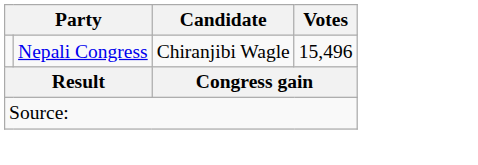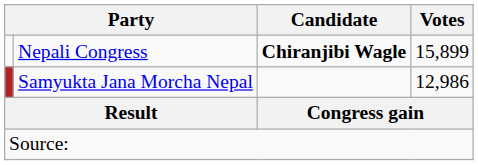 <table class="wikitable">
 <tr>
 <th colspan="2">Party</th>
 <th>Candidate</th>
 <th>Votes</th>
 </tr>
 <tr>
 <td style="background-color:"></td>
 <td><a href='#'>Nepali Congress</a></td>
-<td>Chiranjibi Wagle</td>
-<td>15,496</td>
+<td><strong>Chiranjibi Wagle</strong></td>
+<td>15,899</td>
+</tr>
+<tr>
+<td style="background-color:firebrick"></td>
+<td><a href='#'>Samyukta Jana Morcha Nepal</a></td>
+<td></td>
+<td>12,986</td>
 </tr>
 <tr>
 <th colspan="2">Result</th>
 <th colspan="2">Congress gain</th>
 </tr>
 <tr>
 <td colspan="4">Source: </td>
 </tr>
 </table>
